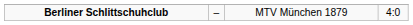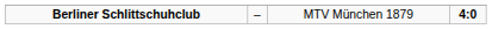 <table class="wikitable" width="50%">
 <tr class="hintergrundfarbe5">
 </tr>
 <tr align="center">
 <td><strong>Berliner Schlittschuhclub</strong></td>
 <td>–</td>
 <td>MTV München 1879</td>
-<td>4:0</td>
+<td><strong>4:0</strong></td>
 </tr>
 </table>
